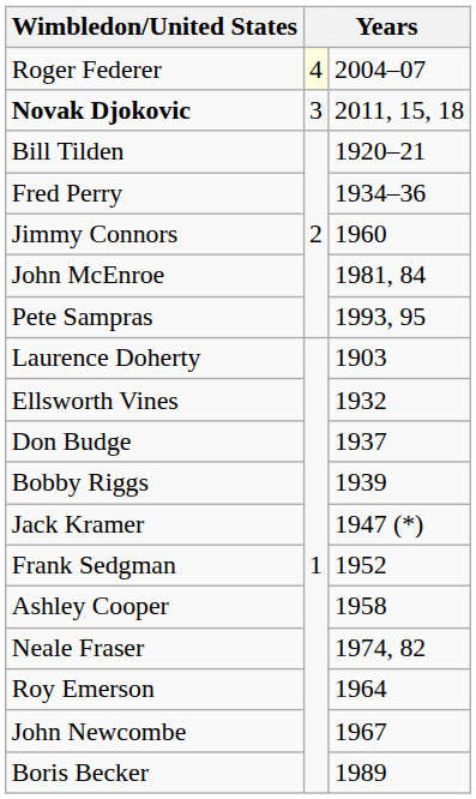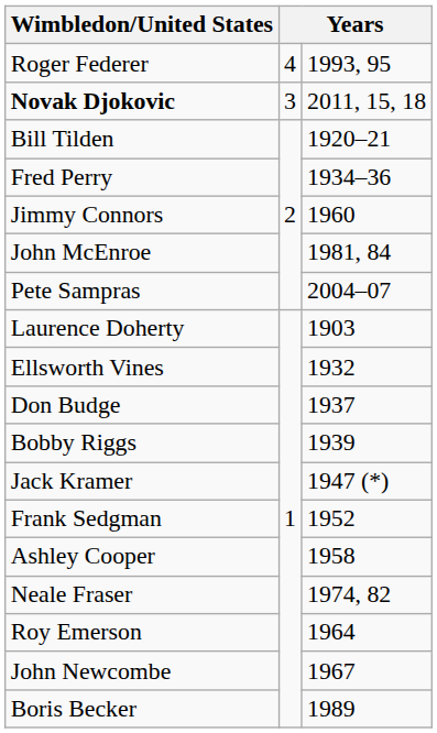 <table class=wikitable style="display:inline-table;">
 <tr>
 <th>Wimbledon/United States</th>
 <th colspan=2>Years</th>
 </tr>
 <tr>
 <td> Roger Federer</td>
-<td style="background: lightyellow;">4</td>
-<td>2004–07</td>
+<td>4</td>
+<td>1993, 95</td>
 </tr>
 <tr>
 <td> <strong>Novak Djokovic</strong></td>
 <td>3</td>
 <td>2011, 15, 18</td>
 </tr>
 <tr>
 <td> Bill Tilden</td>
 <td rowspan=5>2</td>
 <td>1920–21</td>
 </tr>
 <tr>
 <td> Fred Perry</td>
 <td>1934–36</td>
 </tr>
 <tr>
 <td> Jimmy Connors</td>
 <td>1960</td>
 </tr>
 <tr>
 <td> John McEnroe</td>
 <td>1981, 84</td>
 </tr>
 <tr>
 <td> Pete Sampras</td>
-<td>1993, 95</td>
+<td>2004–07</td>
 </tr>
 <tr>
 <td> Laurence Doherty</td>
 <td rowspan=11>1</td>
 <td>1903</td>
 </tr>
 <tr>
 <td> Ellsworth Vines</td>
 <td>1932</td>
 </tr>
 <tr>
 <td> Don Budge</td>
 <td>1937</td>
 </tr>
 <tr>
 <td> Bobby Riggs</td>
 <td>1939</td>
 </tr>
 <tr>
 <td> Jack Kramer</td>
 <td>1947 (*)</td>
 </tr>
 <tr>
 <td> Frank Sedgman</td>
 <td>1952</td>
 </tr>
 <tr>
 <td> Ashley Cooper</td>
 <td>1958</td>
 </tr>
 <tr>
 <td> Neale Fraser</td>
 <td>1974, 82</td>
 </tr>
 <tr>
 <td> Roy Emerson</td>
 <td>1964</td>
 </tr>
 <tr>
 <td> John Newcombe</td>
 <td>1967</td>
 </tr>
 <tr>
 <td> Boris Becker</td>
 <td>1989</td>
 </tr>
 </table>
